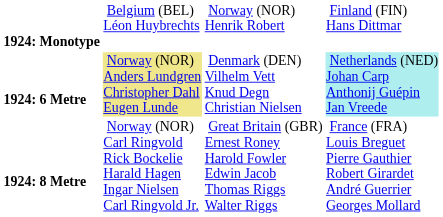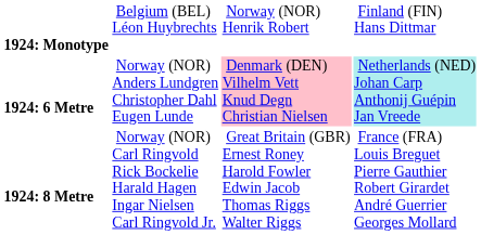 <table>
 <tr>
 <td style="align:center;"><br><br><strong>1924: Monotype</strong> <br></td>
 <td style="vertical-align:top;"> <a href='#'>Belgium</a> <span>(BEL)</span><br><a href='#'>Léon Huybrechts</a></td>
 <td style="vertical-align:top;"> <a href='#'>Norway</a> <span>(NOR)</span><br><a href='#'>Henrik Robert</a></td>
 <td style="vertical-align:top;"> <a href='#'>Finland</a> <span>(FIN)</span><br><a href='#'>Hans Dittmar</a></td>
 </tr>
 <tr>
 <td style="align:center;"><br><br><strong>1924: 6 Metre</strong> <br></td>
-<td style="background: khaki; vertical-align:top;"> <a href='#'>Norway</a> <span>(NOR)</span><br><a href='#'>Anders Lundgren</a><br><a href='#'>Christopher Dahl</a><br><a href='#'>Eugen Lunde</a></td>
-<td style="vertical-align:top;"> <a href='#'>Denmark</a> <span>(DEN)</span><br><a href='#'>Vilhelm Vett</a><br><a href='#'>Knud Degn</a><br><a href='#'>Christian Nielsen</a></td>
+<td style="vertical-align:top;"> <a href='#'>Norway</a> <span>(NOR)</span><br><a href='#'>Anders Lundgren</a><br><a href='#'>Christopher Dahl</a><br><a href='#'>Eugen Lunde</a></td>
+<td style="background: pink; vertical-align:top;"> <a href='#'>Denmark</a> <span>(DEN)</span><br><a href='#'>Vilhelm Vett</a><br><a href='#'>Knud Degn</a><br><a href='#'>Christian Nielsen</a></td>
 <td style="background: paleturquoise; vertical-align:top;"> <a href='#'>Netherlands</a> <span>(NED)</span><br><a href='#'>Johan Carp</a><br><a href='#'>Anthonij Guépin</a><br><a href='#'>Jan Vreede</a></td>
 </tr>
 <tr>
 <td style="align:center;"><br><br><strong>1924: 8 Metre</strong> <br></td>
 <td style="vertical-align:top;"> <a href='#'>Norway</a> <span>(NOR)</span><br><a href='#'>Carl Ringvold</a><br><a href='#'>Rick Bockelie</a><br><a href='#'>Harald Hagen</a><br><a href='#'>Ingar Nielsen</a><br><a href='#'>Carl Ringvold Jr.</a></td>
 <td style="vertical-align:top;"> <a href='#'>Great Britain</a> <span>(GBR)</span><br><a href='#'>Ernest Roney</a><br><a href='#'>Harold Fowler</a><br><a href='#'>Edwin Jacob</a><br><a href='#'>Thomas Riggs</a><br><a href='#'>Walter Riggs</a></td>
 <td style="vertical-align:top;"> <a href='#'>France</a> <span>(FRA)</span><br><a href='#'>Louis Breguet</a><br><a href='#'>Pierre Gauthier</a><br><a href='#'>Robert Girardet</a><br><a href='#'>André Guerrier</a><br><a href='#'>Georges Mollard</a></td>
 </tr>
 </table>
